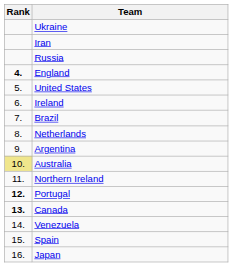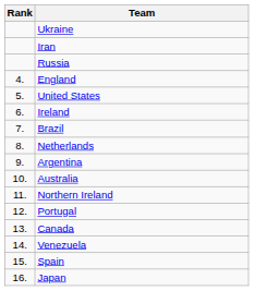 <table class="wikitable" style="font-size:95%">
 <tr>
 <th>Rank</th>
 <th align="left" style="width: 20em">Team</th>
 </tr>
 <tr>
 <td align="center"></td>
 <td> <a href='#'>Ukraine</a></td>
 </tr>
 <tr>
 <td align="center"></td>
 <td> <a href='#'>Iran</a></td>
 </tr>
 <tr>
 <td align="center"></td>
 <td> <a href='#'>Russia</a></td>
 </tr>
 <tr>
-<td rowspan=1 align="center"><strong>4.</strong></td>
+<td rowspan=1 align="center">4.</td>
 <td> <a href='#'>England</a></td>
 </tr>
 <tr>
 <td rowspan=1 align="center">5.</td>
 <td> <a href='#'>United States</a></td>
 </tr>
 <tr>
 <td rowspan=1 align="center">6.</td>
 <td> <a href='#'>Ireland</a></td>
 </tr>
 <tr>
 <td rowspan=1 align="center">7.</td>
 <td> <a href='#'>Brazil</a></td>
 </tr>
 <tr>
 <td rowspan=1 align="center">8.</td>
 <td> <a href='#'>Netherlands</a></td>
 </tr>
 <tr>
 <td rowspan=1 align="center">9.</td>
 <td> <a href='#'>Argentina</a></td>
 </tr>
 <tr>
-<td rowspan=1 align="center" style="background: khaki;">10.</td>
+<td rowspan=1 align="center">10.</td>
 <td> <a href='#'>Australia</a></td>
 </tr>
 <tr>
 <td rowspan=1 align="center">11.</td>
 <td> <a href='#'>Northern Ireland</a></td>
 </tr>
 <tr>
-<td rowspan=1 align="center"><strong>12.</strong></td>
+<td rowspan=1 align="center">12.</td>
 <td> <a href='#'>Portugal</a></td>
 </tr>
 <tr>
-<td rowspan=1 align="center"><strong>13.</strong></td>
+<td rowspan=1 align="center">13.</td>
 <td> <a href='#'>Canada</a></td>
 </tr>
 <tr>
 <td rowspan=1 align="center">14.</td>
 <td> <a href='#'>Venezuela</a></td>
 </tr>
 <tr>
 <td rowspan=1 align="center">15.</td>
 <td> <a href='#'>Spain</a></td>
 </tr>
 <tr>
 <td rowspan=1 align="center">16.</td>
 <td> <a href='#'>Japan</a></td>
 </tr>
 </table>
